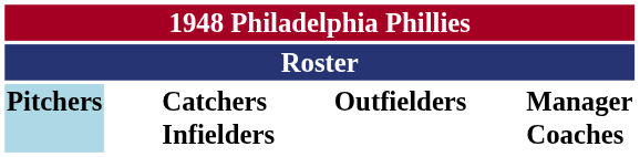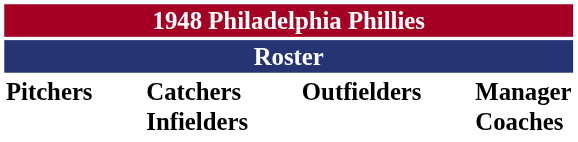 <table class="toccolours" style="font-size: 95%;">
 <tr>
 <th colspan="10" style="background-color: #A50024; color: white; text-align: center;">1948 Philadelphia Phillies</th>
 </tr>
 <tr>
 <td colspan="10" style="background-color: #263473; color: white; text-align: center;"><strong>Roster</strong></td>
 </tr>
 <tr>
-<td valign="top" style="background: lightblue;"><strong>Pitchers</strong><br>                  </td>
+<td valign="top"><strong>Pitchers</strong><br>                  </td>
 <td width="25px"></td>
 <td valign="top"><strong>Catchers</strong><br>     <strong>Infielders</strong>         </td>
 <td width="25px"></td>
 <td valign="top"><strong>Outfielders</strong><br>    </td>
 <td width="25px"></td>
 <td valign="top"><strong>Manager</strong><br>   <strong>Coaches</strong>    </td>
 </tr>
 <tr>
 </tr>
 </table>
